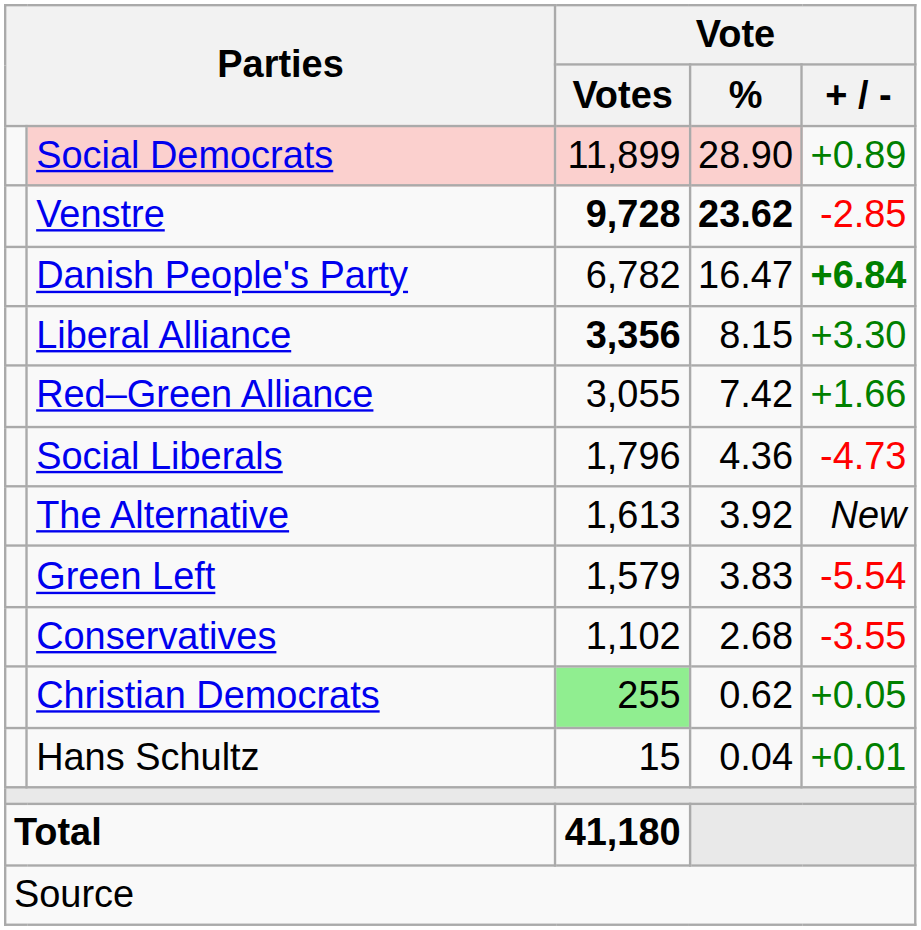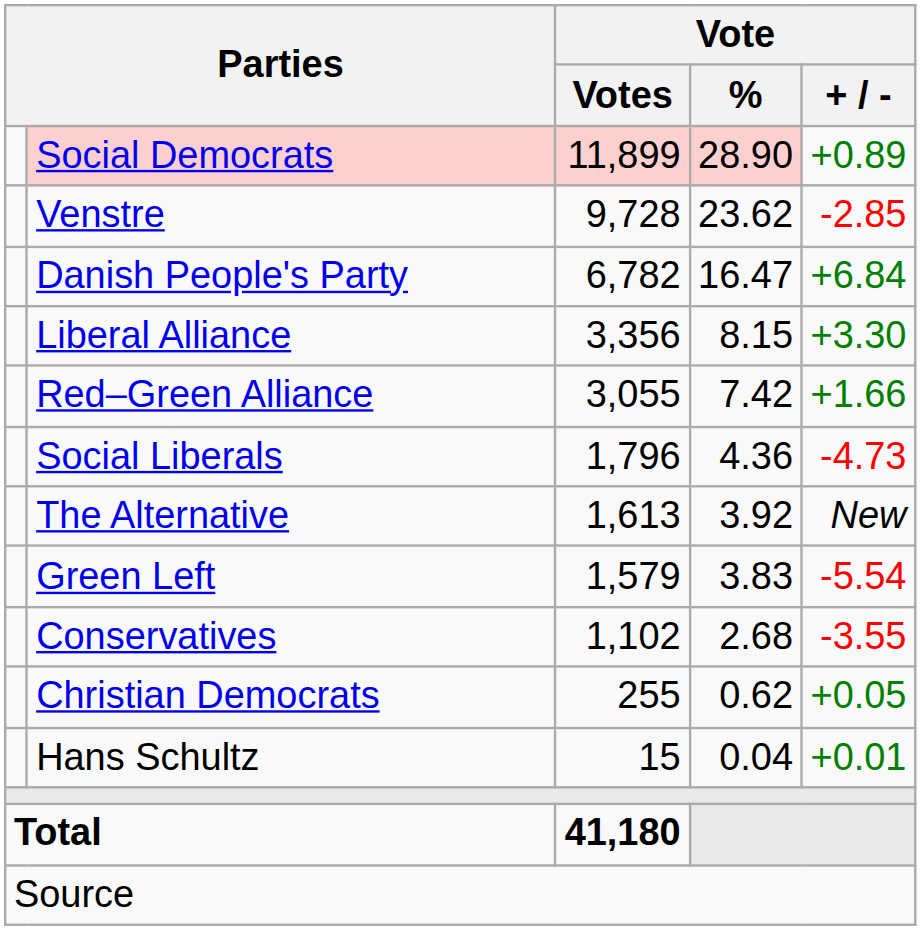 <table class="wikitable" style="text-align:right;">
 <tr>
 <th style="text-align:centre;" rowspan="2" colspan="2" width="225">Parties</th>
 <th colspan="3">Vote</th>
 </tr>
 <tr>
 <th width="15">Votes</th>
 <th width="15">%</th>
 <th width="15">+ / -</th>
 </tr>
 <tr>
 <td width="2" style="color:inherit;background:"></td>
 <td bgcolor=#fbd0ce  align="left"><a href='#'>Social Democrats</a></td>
 <td bgcolor=#fbd0ce>11,899</td>
 <td bgcolor=#fbd0ce>28.90</td>
 <td style=color:green;>+0.89</td>
 </tr>
 <tr>
 <td width="2" style="color:inherit;background:"></td>
 <td align="left"><a href='#'>Venstre</a></td>
-<td><strong>9,728</strong></td>
-<td><strong>23.62</strong></td>
+<td>9,728</td>
+<td>23.62</td>
 <td style=color:red;>-2.85</td>
 </tr>
 <tr>
 <td width="2" style="color:inherit;background:"></td>
 <td align="left"><a href='#'>Danish People's Party</a></td>
 <td>6,782</td>
 <td>16.47</td>
-<td style=color:green;><strong>+6.84</strong></td>
+<td style=color:green;>+6.84</td>
 </tr>
 <tr>
 <td width="2" style="color:inherit;background:"></td>
 <td align="left"><a href='#'>Liberal Alliance</a></td>
-<td><strong>3,356</strong></td>
+<td>3,356</td>
 <td>8.15</td>
 <td style=color:green;>+3.30</td>
 </tr>
 <tr>
 <td width="2" style="color:inherit;background:"></td>
 <td align="left"><a href='#'>Red–Green Alliance</a></td>
 <td>3,055</td>
 <td>7.42</td>
 <td style=color:green;>+1.66</td>
 </tr>
 <tr>
 <td width="2" style="color:inherit;background:"></td>
 <td align="left"><a href='#'>Social Liberals</a></td>
 <td>1,796</td>
 <td>4.36</td>
 <td style=color:red;>-4.73</td>
 </tr>
 <tr>
 <td width="2" style="color:inherit;background:"></td>
 <td align="left"><a href='#'>The Alternative</a></td>
 <td>1,613</td>
 <td>3.92</td>
 <td><em>New</em></td>
 </tr>
 <tr>
 <td width="2" style="color:inherit;background:"></td>
 <td align="left"><a href='#'>Green Left</a></td>
 <td>1,579</td>
 <td>3.83</td>
 <td style=color:red;>-5.54</td>
 </tr>
 <tr>
 <td width="2" style="color:inherit;background:"></td>
 <td align="left"><a href='#'>Conservatives</a></td>
 <td>1,102</td>
 <td>2.68</td>
 <td style=color:red;>-3.55</td>
 </tr>
 <tr>
 <td width="2" style="color:inherit;background:"></td>
 <td align="left"><a href='#'>Christian Democrats</a></td>
-<td style="background: lightgreen;">255</td>
+<td>255</td>
 <td>0.62</td>
 <td style=color:green;>+0.05</td>
 </tr>
 <tr>
 <td width="2" style="color:inherit;background:"></td>
 <td align="left">Hans Schultz</td>
 <td>15</td>
 <td>0.04</td>
 <td style=color:green;>+0.01</td>
 </tr>
 <tr>
 <td colspan="7" bgcolor="#E9E9E9"></td>
 </tr>
 <tr>
 <td align="left" colspan="2"><strong>Total</strong></td>
 <td><strong>41,180</strong></td>
 <td bgcolor="#E9E9E9" colspan="2"></td>
 </tr>
 <tr>
 <td align="left" colspan="6">Source</td>
 </tr>
 </table>
